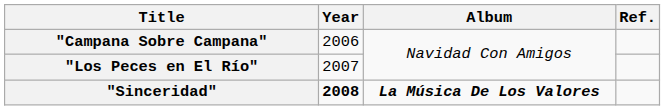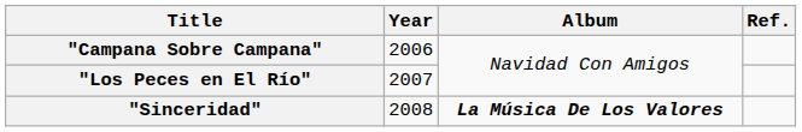 <table class="wikitable plainrowheaders" style="text-align:center;">
 <tr>
 <th scope="col" style="width:20em;">Title</th>
 <th scope="col" style="width:1em;">Year</th>
 <th scope="col" style="width:16em;">Album</th>
 <th scope="col" style="width:1em;">Ref.</th>
 </tr>
 <tr>
 <th scope="row">"Campana Sobre Campana"</th>
 <td>2006</td>
 <td rowspan="2"><em>Navidad Con Amigos</em></td>
 <td></td>
 </tr>
 <tr>
 <th scope="row">"Los Peces en El Río"</th>
 <td>2007</td>
 <td></td>
 </tr>
 <tr>
 <th scope="row">"Sinceridad"</th>
-<td><strong>2008</strong></td>
+<td>2008</td>
 <td><strong><em>La Música De Los Valores</em></strong></td>
 <td></td>
 </tr>
 </table>
